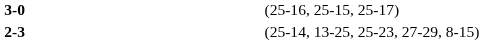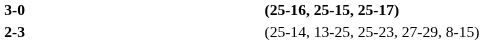 <table width=100% cellspacing=1>
 <tr>
 <th width=20%></th>
 <th width=12%></th>
 <th width=20%></th>
 <th width=33%></th>
 <td></td>
 </tr>
 <tr style=font-size:90%>
 <td align=right></td>
 <td align=center><strong>3-0</strong></td>
 <td></td>
-<td>(25-16, 25-15, 25-17)</td>
+<td><strong>(25-16, 25-15, 25-17)</strong></td>
 <td></td>
 </tr>
 <tr style=font-size:90%>
 <td align=right></td>
 <td align=center><strong>2-3</strong></td>
 <td></td>
 <td>(25-14, 13-25, 25-23, 27-29, 8-15)</td>
 </tr>
 </table>
